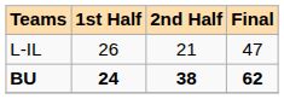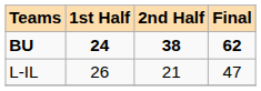 <table class="wikitable" align=right>
 <tr bgcolor=#ffdead align=center>
 <td><strong>Teams</strong></td>
 <td><strong>1st Half</strong></td>
 <td><strong>2nd Half</strong></td>
 <td><strong>Final</strong></td>
 </tr>
 <tr>
+<td><strong>BU</strong></td>
+<td align=center><strong>24</strong></td>
+<td align=center><strong>38</strong></td>
+<td align=center><strong>62</strong></td>
+</tr>
+<tr>
 <td>L-IL</td>
 <td align=center>26</td>
 <td align=center>21</td>
 <td align=center>47</td>
 </tr>
 <tr>
-<td><strong>BU</strong></td>
-<td align=center><strong>24</strong></td>
-<td align=center><strong>38</strong></td>
-<td align=center><strong>62</strong></td>
-</tr>
-<tr>
 </tr>
 </table>
